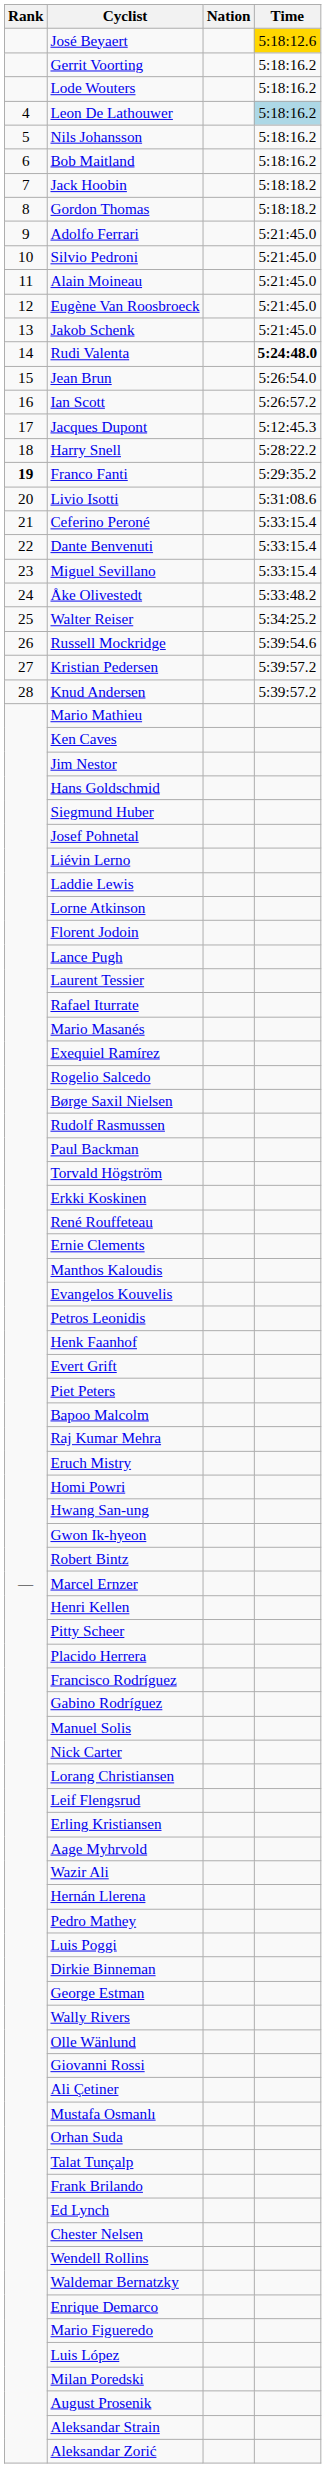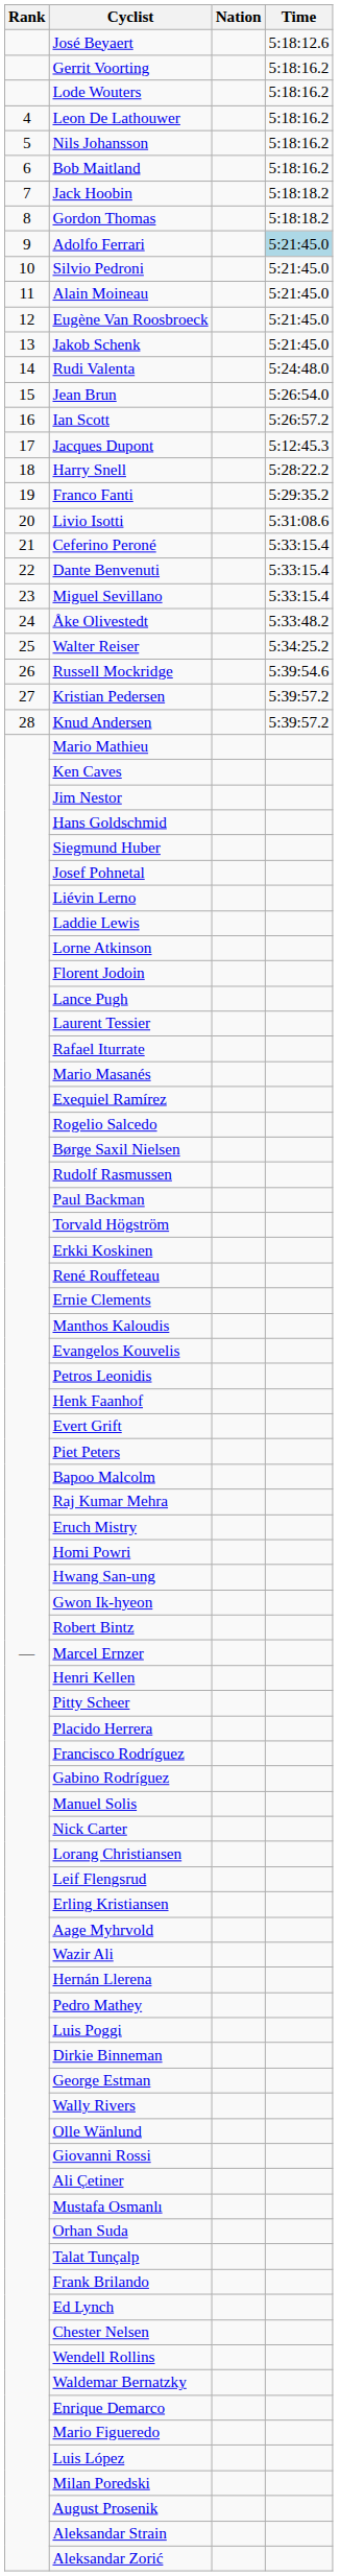 <table class="wikitable sortable" style="text-align:center">
 <tr>
 <th>Rank</th>
 <th>Cyclist</th>
 <th>Nation</th>
 <th>Time</th>
 </tr>
 <tr>
 <td></td>
 <td align=left><a href='#'>José Beyaert</a></td>
 <td align=left></td>
-<td style="background: gold;">5:18:12.6</td>
+<td>5:18:12.6</td>
 </tr>
 <tr>
 <td></td>
 <td align=left><a href='#'>Gerrit Voorting</a></td>
 <td align=left></td>
 <td>5:18:16.2</td>
 </tr>
 <tr>
 <td></td>
 <td align=left><a href='#'>Lode Wouters</a></td>
 <td align=left></td>
 <td>5:18:16.2</td>
 </tr>
 <tr>
 <td>4</td>
 <td align=left><a href='#'>Leon De Lathouwer</a></td>
 <td align=left></td>
-<td style="background: lightblue;">5:18:16.2</td>
+<td>5:18:16.2</td>
 </tr>
 <tr>
 <td>5</td>
 <td align=left><a href='#'>Nils Johansson</a></td>
 <td align=left></td>
 <td>5:18:16.2</td>
 </tr>
 <tr>
 <td>6</td>
 <td align=left><a href='#'>Bob Maitland</a></td>
 <td align=left></td>
 <td>5:18:16.2</td>
 </tr>
 <tr>
 <td>7</td>
 <td align=left><a href='#'>Jack Hoobin</a></td>
 <td align=left></td>
 <td>5:18:18.2</td>
 </tr>
 <tr>
 <td>8</td>
 <td align=left><a href='#'>Gordon Thomas</a></td>
 <td align=left></td>
 <td>5:18:18.2</td>
 </tr>
 <tr>
 <td>9</td>
 <td align=left><a href='#'>Adolfo Ferrari</a></td>
 <td align=left></td>
-<td>5:21:45.0</td>
+<td style="background: lightblue;">5:21:45.0</td>
 </tr>
 <tr>
 <td>10</td>
 <td align=left><a href='#'>Silvio Pedroni</a></td>
 <td align=left></td>
 <td>5:21:45.0</td>
 </tr>
 <tr>
 <td>11</td>
 <td align=left><a href='#'>Alain Moineau</a></td>
 <td align=left></td>
 <td>5:21:45.0</td>
 </tr>
 <tr>
 <td>12</td>
 <td align=left><a href='#'>Eugène Van Roosbroeck</a></td>
 <td align=left></td>
 <td>5:21:45.0</td>
 </tr>
 <tr>
 <td>13</td>
 <td align=left><a href='#'>Jakob Schenk</a></td>
 <td align=left></td>
 <td>5:21:45.0</td>
 </tr>
 <tr>
 <td>14</td>
 <td align=left><a href='#'>Rudi Valenta</a></td>
 <td align=left></td>
-<td><strong>5:24:48.0</strong></td>
+<td>5:24:48.0</td>
 </tr>
 <tr>
 <td>15</td>
 <td align=left><a href='#'>Jean Brun</a></td>
 <td align=left></td>
 <td>5:26:54.0</td>
 </tr>
 <tr>
 <td>16</td>
 <td align=left><a href='#'>Ian Scott</a></td>
 <td align=left></td>
 <td>5:26:57.2</td>
 </tr>
 <tr>
 <td>17</td>
 <td align=left><a href='#'>Jacques Dupont</a></td>
 <td align=left></td>
 <td>5:12:45.3</td>
 </tr>
 <tr>
 <td>18</td>
 <td align=left><a href='#'>Harry Snell</a></td>
 <td align=left></td>
 <td>5:28:22.2</td>
 </tr>
 <tr>
-<td><strong>19</strong></td>
+<td>19</td>
 <td align=left><a href='#'>Franco Fanti</a></td>
 <td align=left></td>
 <td>5:29:35.2</td>
 </tr>
 <tr>
 <td>20</td>
 <td align=left><a href='#'>Livio Isotti</a></td>
 <td align=left></td>
 <td>5:31:08.6</td>
 </tr>
 <tr>
 <td>21</td>
 <td align=left><a href='#'>Ceferino Peroné</a></td>
 <td align=left></td>
 <td>5:33:15.4</td>
 </tr>
 <tr>
 <td>22</td>
 <td align=left><a href='#'>Dante Benvenuti</a></td>
 <td align=left></td>
 <td>5:33:15.4</td>
 </tr>
 <tr>
 <td>23</td>
 <td align=left><a href='#'>Miguel Sevillano</a></td>
 <td align=left></td>
 <td>5:33:15.4</td>
 </tr>
 <tr>
 <td>24</td>
 <td align=left><a href='#'>Åke Olivestedt</a></td>
 <td align=left></td>
 <td>5:33:48.2</td>
 </tr>
 <tr>
 <td>25</td>
 <td align=left><a href='#'>Walter Reiser</a></td>
 <td align=left></td>
 <td>5:34:25.2</td>
 </tr>
 <tr>
 <td>26</td>
 <td align=left><a href='#'>Russell Mockridge</a></td>
 <td align=left></td>
 <td>5:39:54.6</td>
 </tr>
 <tr>
 <td>27</td>
 <td align=left><a href='#'>Kristian Pedersen</a></td>
 <td align=left></td>
 <td>5:39:57.2</td>
 </tr>
 <tr>
 <td>28</td>
 <td align=left><a href='#'>Knud Andersen</a></td>
 <td align=left></td>
 <td>5:39:57.2</td>
 </tr>
 <tr>
 <td rowspan=73 data-sort-value=29>—</td>
 <td align=left><a href='#'>Mario Mathieu</a></td>
 <td align=left></td>
 <td data-sort-value=9:99:99.9></td>
 </tr>
 <tr>
 <td align=left><a href='#'>Ken Caves</a></td>
 <td align=left></td>
 <td data-sort-value=9:99:99.9></td>
 </tr>
 <tr>
 <td align=left><a href='#'>Jim Nestor</a></td>
 <td align=left></td>
 <td data-sort-value=9:99:99.9></td>
 </tr>
 <tr>
 <td align=left><a href='#'>Hans Goldschmid</a></td>
 <td align=left></td>
 <td data-sort-value=9:99:99.9></td>
 </tr>
 <tr>
 <td align=left><a href='#'>Siegmund Huber</a></td>
 <td align=left></td>
 <td data-sort-value=9:99:99.9></td>
 </tr>
 <tr>
 <td align=left><a href='#'>Josef Pohnetal</a></td>
 <td align=left></td>
 <td data-sort-value=9:99:99.9></td>
 </tr>
 <tr>
 <td align=left><a href='#'>Liévin Lerno</a></td>
 <td align=left></td>
 <td data-sort-value=9:99:99.9></td>
 </tr>
 <tr>
 <td align=left><a href='#'>Laddie Lewis</a></td>
 <td align=left></td>
 <td data-sort-value=9:99:99.9></td>
 </tr>
 <tr>
 <td align=left><a href='#'>Lorne Atkinson</a></td>
 <td align=left></td>
 <td data-sort-value=9:99:99.9></td>
 </tr>
 <tr>
 <td align=left><a href='#'>Florent Jodoin</a></td>
 <td align=left></td>
 <td data-sort-value=9:99:99.9></td>
 </tr>
 <tr>
 <td align=left><a href='#'>Lance Pugh</a></td>
 <td align=left></td>
 <td data-sort-value=9:99:99.9></td>
 </tr>
 <tr>
 <td align=left><a href='#'>Laurent Tessier</a></td>
 <td align=left></td>
 <td data-sort-value=9:99:99.9></td>
 </tr>
 <tr>
 <td align=left><a href='#'>Rafael Iturrate</a></td>
 <td align=left></td>
 <td data-sort-value=9:99:99.9></td>
 </tr>
 <tr>
 <td align=left><a href='#'>Mario Masanés</a></td>
 <td align=left></td>
 <td data-sort-value=9:99:99.9></td>
 </tr>
 <tr>
 <td align=left><a href='#'>Exequiel Ramírez</a></td>
 <td align=left></td>
 <td data-sort-value=9:99:99.9></td>
 </tr>
 <tr>
 <td align=left><a href='#'>Rogelio Salcedo</a></td>
 <td align=left></td>
 <td data-sort-value=9:99:99.9></td>
 </tr>
 <tr>
 <td align=left><a href='#'>Børge Saxil Nielsen</a></td>
 <td align=left></td>
 <td data-sort-value=9:99:99.9></td>
 </tr>
 <tr>
 <td align=left><a href='#'>Rudolf Rasmussen</a></td>
 <td align=left></td>
 <td data-sort-value=9:99:99.9></td>
 </tr>
 <tr>
 <td align=left><a href='#'>Paul Backman</a></td>
 <td align=left></td>
 <td data-sort-value=9:99:99.9></td>
 </tr>
 <tr>
 <td align=left><a href='#'>Torvald Högström</a></td>
 <td align=left></td>
 <td data-sort-value=9:99:99.9></td>
 </tr>
 <tr>
 <td align=left><a href='#'>Erkki Koskinen</a></td>
 <td align=left></td>
 <td data-sort-value=9:99:99.9></td>
 </tr>
 <tr>
 <td align=left><a href='#'>René Rouffeteau</a></td>
 <td align=left></td>
 <td data-sort-value=9:99:99.9></td>
 </tr>
 <tr>
 <td align=left><a href='#'>Ernie Clements</a></td>
 <td align=left></td>
 <td data-sort-value=9:99:99.9></td>
 </tr>
 <tr>
 <td align=left><a href='#'>Manthos Kaloudis</a></td>
 <td align=left></td>
 <td data-sort-value=9:99:99.9></td>
 </tr>
 <tr>
 <td align=left><a href='#'>Evangelos Kouvelis</a></td>
 <td align=left></td>
 <td data-sort-value=9:99:99.9></td>
 </tr>
 <tr>
 <td align=left><a href='#'>Petros Leonidis</a></td>
 <td align=left></td>
 <td data-sort-value=9:99:99.9></td>
 </tr>
 <tr>
 <td align=left><a href='#'>Henk Faanhof</a></td>
 <td align=left></td>
 <td data-sort-value=9:99:99.9></td>
 </tr>
 <tr>
 <td align=left><a href='#'>Evert Grift</a></td>
 <td align=left></td>
 <td data-sort-value=9:99:99.9></td>
 </tr>
 <tr>
 <td align=left><a href='#'>Piet Peters</a></td>
 <td align=left></td>
 <td data-sort-value=9:99:99.9></td>
 </tr>
 <tr>
 <td align=left><a href='#'>Bapoo Malcolm</a></td>
 <td align=left></td>
 <td data-sort-value=9:99:99.9></td>
 </tr>
 <tr>
 <td align=left><a href='#'>Raj Kumar Mehra</a></td>
 <td align=left></td>
 <td data-sort-value=9:99:99.9></td>
 </tr>
 <tr>
 <td align=left><a href='#'>Eruch Mistry</a></td>
 <td align=left></td>
 <td data-sort-value=9:99:99.9></td>
 </tr>
 <tr>
 <td align=left><a href='#'>Homi Powri</a></td>
 <td align=left></td>
 <td data-sort-value=9:99:99.9></td>
 </tr>
 <tr>
 <td align=left><a href='#'>Hwang San-ung</a></td>
 <td align=left></td>
 <td data-sort-value=9:99:99.9></td>
 </tr>
 <tr>
 <td align=left><a href='#'>Gwon Ik-hyeon</a></td>
 <td align=left></td>
 <td data-sort-value=9:99:99.9></td>
 </tr>
 <tr>
 <td align=left><a href='#'>Robert Bintz</a></td>
 <td align=left></td>
 <td data-sort-value=9:99:99.9></td>
 </tr>
 <tr>
 <td align=left><a href='#'>Marcel Ernzer</a></td>
 <td align=left></td>
 <td data-sort-value=9:99:99.9></td>
 </tr>
 <tr>
 <td align=left><a href='#'>Henri Kellen</a></td>
 <td align=left></td>
 <td data-sort-value=9:99:99.9></td>
 </tr>
 <tr>
 <td align=left><a href='#'>Pitty Scheer</a></td>
 <td align=left></td>
 <td data-sort-value=9:99:99.9></td>
 </tr>
 <tr>
 <td align=left><a href='#'>Placido Herrera</a></td>
 <td align=left></td>
 <td data-sort-value=9:99:99.9></td>
 </tr>
 <tr>
 <td align=left><a href='#'>Francisco Rodríguez</a></td>
 <td align=left></td>
 <td data-sort-value=9:99:99.9></td>
 </tr>
 <tr>
 <td align=left><a href='#'>Gabino Rodríguez</a></td>
 <td align=left></td>
 <td data-sort-value=9:99:99.9></td>
 </tr>
 <tr>
 <td align=left><a href='#'>Manuel Solis</a></td>
 <td align=left></td>
 <td data-sort-value=9:99:99.9></td>
 </tr>
 <tr>
 <td align=left><a href='#'>Nick Carter</a></td>
 <td align=left></td>
 <td data-sort-value=9:99:99.9></td>
 </tr>
 <tr>
 <td align=left><a href='#'>Lorang Christiansen</a></td>
 <td align=left></td>
 <td data-sort-value=9:99:99.9></td>
 </tr>
 <tr>
 <td align=left><a href='#'>Leif Flengsrud</a></td>
 <td align=left></td>
 <td data-sort-value=9:99:99.9></td>
 </tr>
 <tr>
 <td align=left><a href='#'>Erling Kristiansen</a></td>
 <td align=left></td>
 <td data-sort-value=9:99:99.9></td>
 </tr>
 <tr>
 <td align=left><a href='#'>Aage Myhrvold</a></td>
 <td align=left></td>
 <td data-sort-value=9:99:99.9></td>
 </tr>
 <tr>
 <td align=left><a href='#'>Wazir Ali</a></td>
 <td align=left></td>
 <td data-sort-value=9:99:99.9></td>
 </tr>
 <tr>
 <td align=left><a href='#'>Hernán Llerena</a></td>
 <td align=left></td>
 <td data-sort-value=9:99:99.9></td>
 </tr>
 <tr>
 <td align=left><a href='#'>Pedro Mathey</a></td>
 <td align=left></td>
 <td data-sort-value=9:99:99.9></td>
 </tr>
 <tr>
 <td align=left><a href='#'>Luis Poggi</a></td>
 <td align=left></td>
 <td data-sort-value=9:99:99.9></td>
 </tr>
 <tr>
 <td align=left><a href='#'>Dirkie Binneman</a></td>
 <td align=left></td>
 <td data-sort-value=9:99:99.9></td>
 </tr>
 <tr>
 <td align=left><a href='#'>George Estman</a></td>
 <td align=left></td>
 <td data-sort-value=9:99:99.9></td>
 </tr>
 <tr>
 <td align=left><a href='#'>Wally Rivers</a></td>
 <td align=left></td>
 <td data-sort-value=9:99:99.9></td>
 </tr>
 <tr>
 <td align=left><a href='#'>Olle Wänlund</a></td>
 <td align=left></td>
 <td data-sort-value=9:99:99.9></td>
 </tr>
 <tr>
 <td align=left><a href='#'>Giovanni Rossi</a></td>
 <td align=left></td>
 <td data-sort-value=9:99:99.9></td>
 </tr>
 <tr>
 <td align=left><a href='#'>Ali Çetiner</a></td>
 <td align=left></td>
 <td data-sort-value=9:99:99.9></td>
 </tr>
 <tr>
 <td align=left><a href='#'>Mustafa Osmanlı</a></td>
 <td align=left></td>
 <td data-sort-value=9:99:99.9></td>
 </tr>
 <tr>
 <td align=left><a href='#'>Orhan Suda</a></td>
 <td align=left></td>
 <td data-sort-value=9:99:99.9></td>
 </tr>
 <tr>
 <td align=left><a href='#'>Talat Tunçalp</a></td>
 <td align=left></td>
 <td data-sort-value=9:99:99.9></td>
 </tr>
 <tr>
 <td align=left><a href='#'>Frank Brilando</a></td>
 <td align=left></td>
 <td data-sort-value=9:99:99.9></td>
 </tr>
 <tr>
 <td align=left><a href='#'>Ed Lynch</a></td>
 <td align=left></td>
 <td data-sort-value=9:99:99.9></td>
 </tr>
 <tr>
 <td align=left><a href='#'>Chester Nelsen</a></td>
 <td align=left></td>
 <td data-sort-value=9:99:99.9></td>
 </tr>
 <tr>
 <td align=left><a href='#'>Wendell Rollins</a></td>
 <td align=left></td>
 <td data-sort-value=9:99:99.9></td>
 </tr>
 <tr>
 <td align=left><a href='#'>Waldemar Bernatzky</a></td>
 <td align=left></td>
 <td data-sort-value=9:99:99.9></td>
 </tr>
 <tr>
 <td align=left><a href='#'>Enrique Demarco</a></td>
 <td align=left></td>
 <td data-sort-value=9:99:99.9></td>
 </tr>
 <tr>
 <td align=left><a href='#'>Mario Figueredo</a></td>
 <td align=left></td>
 <td data-sort-value=9:99:99.9></td>
 </tr>
 <tr>
 <td align=left><a href='#'>Luis López</a></td>
 <td align=left></td>
 <td data-sort-value=9:99:99.9></td>
 </tr>
 <tr>
 <td align=left><a href='#'>Milan Poredski</a></td>
 <td align=left></td>
 <td data-sort-value=9:99:99.9></td>
 </tr>
 <tr>
 <td align=left><a href='#'>August Prosenik</a></td>
 <td align=left></td>
 <td data-sort-value=9:99:99.9></td>
 </tr>
 <tr>
 <td align=left><a href='#'>Aleksandar Strain</a></td>
 <td align=left></td>
 <td data-sort-value=9:99:99.9></td>
 </tr>
 <tr>
 <td align=left><a href='#'>Aleksandar Zorić</a></td>
 <td align=left></td>
 <td data-sort-value=9:99:99.9></td>
 </tr>
 </table>
